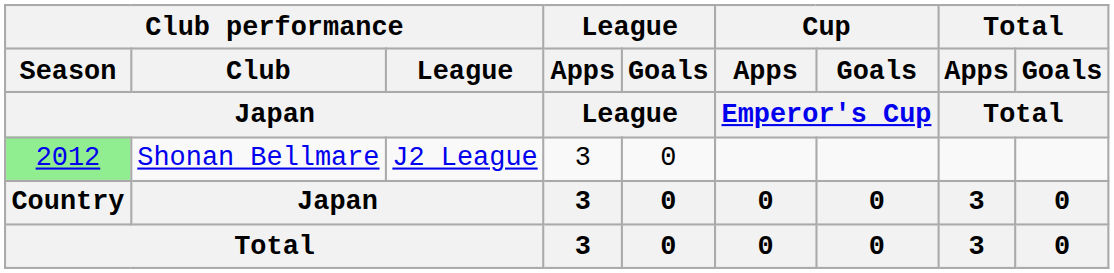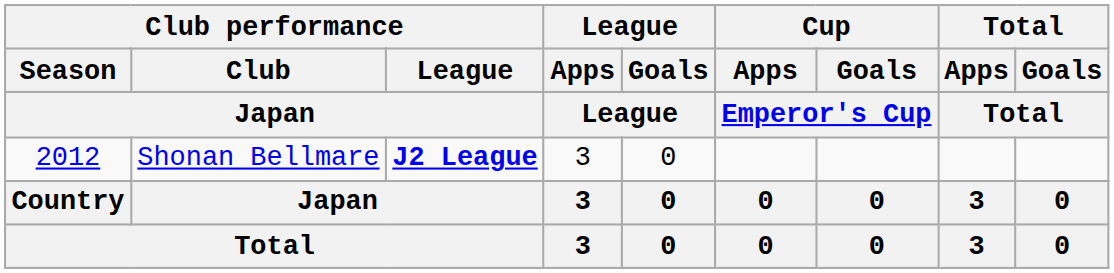 <table class="wikitable" style="text-align:center;">
 <tr>
 <th colspan=3>Club performance</th>
 <th colspan=2>League</th>
 <th colspan=2>Cup</th>
 <th colspan=2>Total</th>
 </tr>
 <tr>
 <th>Season</th>
 <th>Club</th>
 <th>League</th>
 <th>Apps</th>
 <th>Goals</th>
 <th>Apps</th>
 <th>Goals</th>
 <th>Apps</th>
 <th>Goals</th>
 </tr>
 <tr>
 <th colspan=3>Japan</th>
 <th colspan=2>League</th>
 <th colspan=2><a href='#'>Emperor's Cup</a></th>
 <th colspan=2>Total</th>
 </tr>
 <tr>
-<td style="background: lightgreen;"><a href='#'>2012</a></td>
+<td><a href='#'>2012</a></td>
 <td><a href='#'>Shonan Bellmare</a></td>
-<td><a href='#'>J2 League</a></td>
+<td><strong><a href='#'>J2 League</a></strong></td>
 <td>3</td>
 <td>0</td>
 <td></td>
 <td></td>
 <td></td>
 <td></td>
 </tr>
 <tr>
 <th rowspan=1>Country</th>
 <th colspan=2>Japan</th>
 <th>3</th>
 <th>0</th>
 <th>0</th>
 <th>0</th>
 <th>3</th>
 <th>0</th>
 </tr>
 <tr>
 <th colspan=3>Total</th>
 <th>3</th>
 <th>0</th>
 <th>0</th>
 <th>0</th>
 <th>3</th>
 <th>0</th>
 </tr>
 </table>
